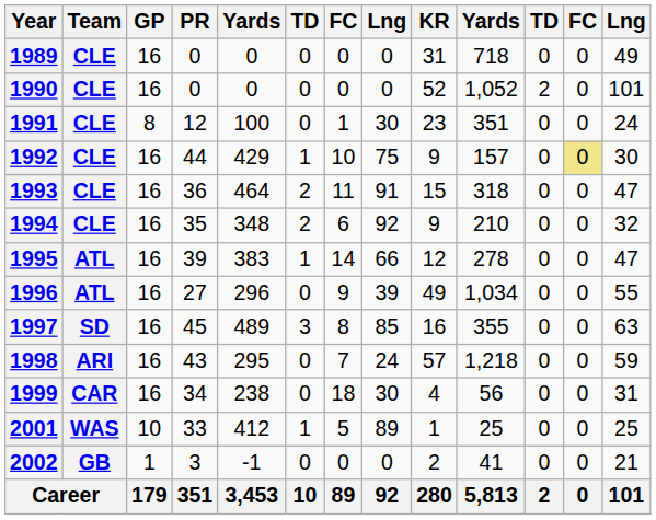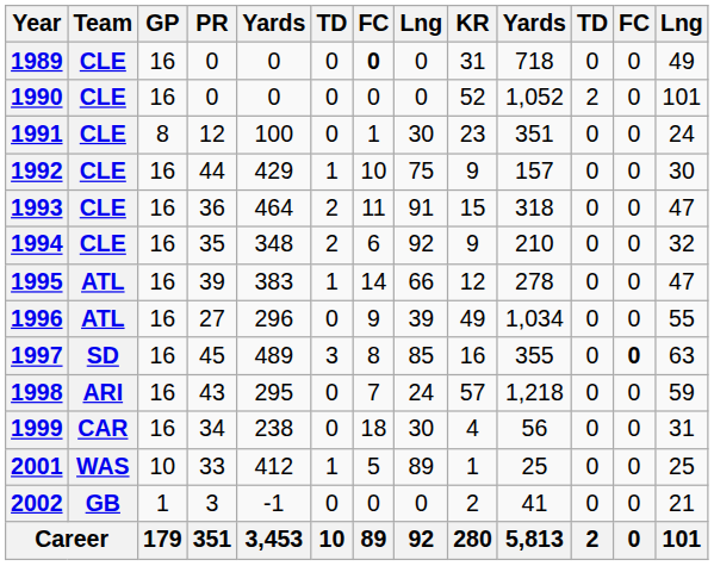 <table class="wikitable" style="text-align: center;">
 <tr>
 <th>Year</th>
 <th>Team</th>
 <th>GP</th>
 <th>PR</th>
 <th>Yards</th>
 <th>TD</th>
 <th>FC</th>
 <th>Lng</th>
 <th>KR</th>
 <th>Yards</th>
 <th>TD</th>
 <th>FC</th>
 <th>Lng</th>
 </tr>
 <tr>
 <th><a href='#'>1989</a></th>
 <th><a href='#'>CLE</a></th>
 <td>16</td>
 <td>0</td>
 <td>0</td>
 <td>0</td>
-<td>0</td>
+<td><strong>0</strong></td>
 <td>0</td>
 <td>31</td>
 <td>718</td>
 <td>0</td>
 <td>0</td>
 <td>49</td>
 </tr>
 <tr>
 <th><a href='#'>1990</a></th>
 <th><a href='#'>CLE</a></th>
 <td>16</td>
 <td>0</td>
 <td>0</td>
 <td>0</td>
 <td>0</td>
 <td>0</td>
 <td>52</td>
 <td>1,052</td>
 <td>2</td>
 <td>0</td>
 <td>101</td>
 </tr>
 <tr>
 <th><a href='#'>1991</a></th>
 <th><a href='#'>CLE</a></th>
 <td>8</td>
 <td>12</td>
 <td>100</td>
 <td>0</td>
 <td>1</td>
 <td>30</td>
 <td>23</td>
 <td>351</td>
 <td>0</td>
 <td>0</td>
 <td>24</td>
 </tr>
 <tr>
 <th><a href='#'>1992</a></th>
 <th><a href='#'>CLE</a></th>
 <td>16</td>
 <td>44</td>
 <td>429</td>
 <td>1</td>
 <td>10</td>
 <td>75</td>
 <td>9</td>
 <td>157</td>
 <td>0</td>
-<td style="background: khaki;">0</td>
+<td>0</td>
 <td>30</td>
 </tr>
 <tr>
 <th><a href='#'>1993</a></th>
 <th><a href='#'>CLE</a></th>
 <td>16</td>
 <td>36</td>
 <td>464</td>
 <td>2</td>
 <td>11</td>
 <td>91</td>
 <td>15</td>
 <td>318</td>
 <td>0</td>
 <td>0</td>
 <td>47</td>
 </tr>
 <tr>
 <th><a href='#'>1994</a></th>
 <th><a href='#'>CLE</a></th>
 <td>16</td>
 <td>35</td>
 <td>348</td>
 <td>2</td>
 <td>6</td>
 <td>92</td>
 <td>9</td>
 <td>210</td>
 <td>0</td>
 <td>0</td>
 <td>32</td>
 </tr>
 <tr>
 <th><a href='#'>1995</a></th>
 <th><a href='#'>ATL</a></th>
 <td>16</td>
 <td>39</td>
 <td>383</td>
 <td>1</td>
 <td>14</td>
 <td>66</td>
 <td>12</td>
 <td>278</td>
 <td>0</td>
 <td>0</td>
 <td>47</td>
 </tr>
 <tr>
 <th><a href='#'>1996</a></th>
 <th><a href='#'>ATL</a></th>
 <td>16</td>
 <td>27</td>
 <td>296</td>
 <td>0</td>
 <td>9</td>
 <td>39</td>
 <td>49</td>
 <td>1,034</td>
 <td>0</td>
 <td>0</td>
 <td>55</td>
 </tr>
 <tr>
 <th><a href='#'>1997</a></th>
 <th><a href='#'>SD</a></th>
 <td>16</td>
 <td>45</td>
 <td>489</td>
 <td>3</td>
 <td>8</td>
 <td>85</td>
 <td>16</td>
 <td>355</td>
 <td>0</td>
-<td>0</td>
+<td><strong>0</strong></td>
 <td>63</td>
 </tr>
 <tr>
 <th><a href='#'>1998</a></th>
 <th><a href='#'>ARI</a></th>
 <td>16</td>
 <td>43</td>
 <td>295</td>
 <td>0</td>
 <td>7</td>
 <td>24</td>
 <td>57</td>
 <td>1,218</td>
 <td>0</td>
 <td>0</td>
 <td>59</td>
 </tr>
 <tr>
 <th><a href='#'>1999</a></th>
 <th><a href='#'>CAR</a></th>
 <td>16</td>
 <td>34</td>
 <td>238</td>
 <td>0</td>
 <td>18</td>
 <td>30</td>
 <td>4</td>
 <td>56</td>
 <td>0</td>
 <td>0</td>
 <td>31</td>
 </tr>
 <tr>
 <th><a href='#'>2001</a></th>
 <th><a href='#'>WAS</a></th>
 <td>10</td>
 <td>33</td>
 <td>412</td>
 <td>1</td>
 <td>5</td>
 <td>89</td>
 <td>1</td>
 <td>25</td>
 <td>0</td>
 <td>0</td>
 <td>25</td>
 </tr>
 <tr>
 <th><a href='#'>2002</a></th>
 <th><a href='#'>GB</a></th>
 <td>1</td>
 <td>3</td>
 <td>-1</td>
 <td>0</td>
 <td>0</td>
 <td>0</td>
 <td>2</td>
 <td>41</td>
 <td>0</td>
 <td>0</td>
 <td>21</td>
 </tr>
 <tr>
 <th colspan="2">Career</th>
 <th>179</th>
 <th>351</th>
 <th>3,453</th>
 <th>10</th>
 <th>89</th>
 <th>92</th>
 <th>280</th>
 <th>5,813</th>
 <th>2</th>
 <th>0</th>
 <th>101</th>
 </tr>
 </table>
